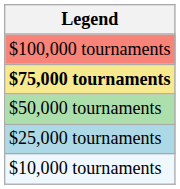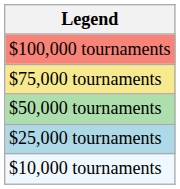 <table class=wikitable style="font-size:85%">
 <tr>
 <th>Legend</th>
 </tr>
 <tr style="background:#f88379;">
 <td>$100,000 tournaments</td>
 </tr>
 <tr style="background:#f7e98e;">
-<td><strong>$75,000 tournaments</strong></td>
+<td>$75,000 tournaments</td>
 </tr>
 <tr style="background:#addfad;">
 <td>$50,000 tournaments</td>
 </tr>
 <tr style="background:lightblue;">
 <td>$25,000 tournaments</td>
 </tr>
 <tr style="background:#f0f8ff;">
 <td>$10,000 tournaments</td>
 </tr>
 </table>
